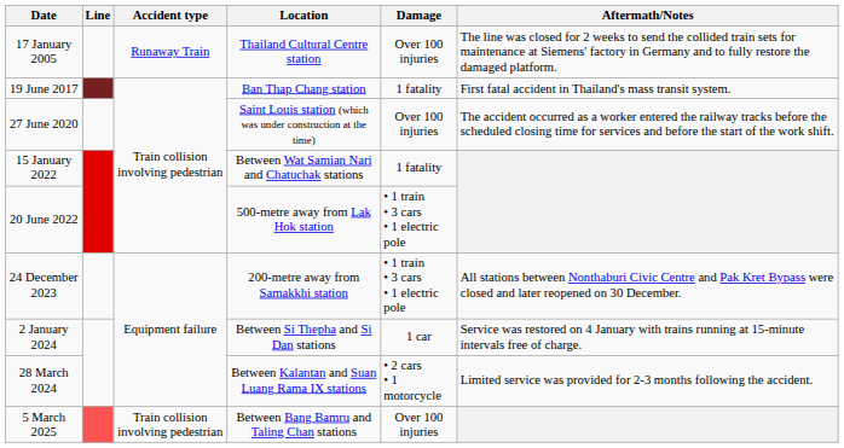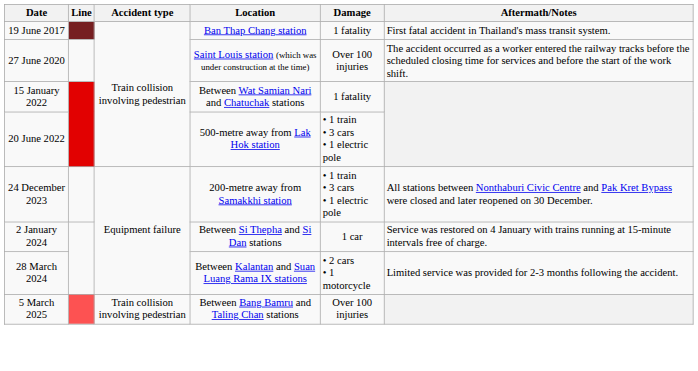 <table class="wikitable" style="margin:auto;font-align:center;text-align:center;font-size:85%;">
 <tr>
 <th>Date</th>
 <th>Line</th>
 <th>Accident type</th>
 <th>Location</th>
 <th>Damage</th>
 <th>Aftermath/Notes</th>
-</tr>
-<tr>
-<td>17 January 2005</td>
-<td style="background:#"><strong><a href='#'></a></strong></td>
-<td><a href='#'>Runaway Train</a></td>
-<td><a href='#'>Thailand Cultural Centre station</a></td>
-<td>Over 100 injuries</td>
-<td align="left">The line was closed for 2 weeks to send the collided train sets for maintenance at Siemens' factory in Germany and to fully restore the damaged platform.</td>
 </tr>
 <tr>
 <td>19 June 2017</td>
 <td style="background:#761f21"><strong><a href='#'></a></strong></td>
 <td rowspan="4">Train collision involving pedestrian</td>
 <td><a href='#'>Ban Thap Chang station</a></td>
 <td>1 fatality</td>
 <td align="left">First fatal accident in Thailand's mass transit system.</td>
 </tr>
 <tr>
 <td>27 June 2020</td>
 <td style="background:#"><strong><a href='#'></a></strong></td>
 <td><a href='#'>Saint Louis station</a> <small>(which was under construction at the time)</small></td>
 <td>Over 100 injuries</td>
 <td align="left">The accident occurred as a worker entered the railway tracks before the scheduled closing time for services and before the start of the work shift.</td>
 </tr>
 <tr>
 <td>15 January 2022</td>
 <td rowspan="2" style="background:#E20101"><strong><a href='#'></a></strong></td>
 <td>Between <a href='#'>Wat Samian Nari</a> and <a href='#'>Chatuchak</a> stations</td>
 <td>1 fatality</td>
 <th rowspan="2"></th>
 </tr>
 <tr>
 <td>20 June 2022</td>
 <td>500-metre away from <a href='#'>Lak Hok station</a></td>
 <td align="left">• 1 train<br>• 3 cars<br>• 1 electric pole</td>
 </tr>
 <tr>
 <td>24 December 2023</td>
 <td style="background:#"><strong><a href='#'></a></strong></td>
 <td rowspan="3">Equipment failure</td>
 <td>200-metre away from <a href='#'>Samakkhi station</a></td>
 <td align="left">• 1 train<br>• 3 cars<br>• 1 electric pole</td>
 <td align="left">All stations between <a href='#'>Nonthaburi Civic Centre</a> and <a href='#'>Pak Kret Bypass</a> were closed and later reopened on 30 December.</td>
 </tr>
 <tr>
 <td>2 January 2024</td>
 <td rowspan="2" style="background:#"><strong><a href='#'></a></strong></td>
 <td>Between <a href='#'>Si Thepha</a> and <a href='#'>Si Dan</a> stations</td>
 <td>1 car</td>
 <td align="left">Service was restored on 4 January with trains running at 15-minute intervals free of charge.</td>
 </tr>
 <tr>
 <td>28 March 2024</td>
 <td>Between <a href='#'>Kalantan</a> and <a href='#'>Suan Luang Rama IX stations</a></td>
 <td align="left">• 2 cars<br>• 1 motorcycle</td>
 <td align="left">Limited service was provided for 2-3 months following the accident.</td>
 </tr>
 <tr>
 <td>5 March 2025</td>
 <td style="background:#FD5252"><strong><a href='#'></a></strong></td>
 <td>Train collision involving pedestrian</td>
 <td>Between <a href='#'>Bang Bamru</a> and <a href='#'>Taling Chan</a> stations</td>
 <td>Over 100 injuries</td>
 <th></th>
 </tr>
 </table>
